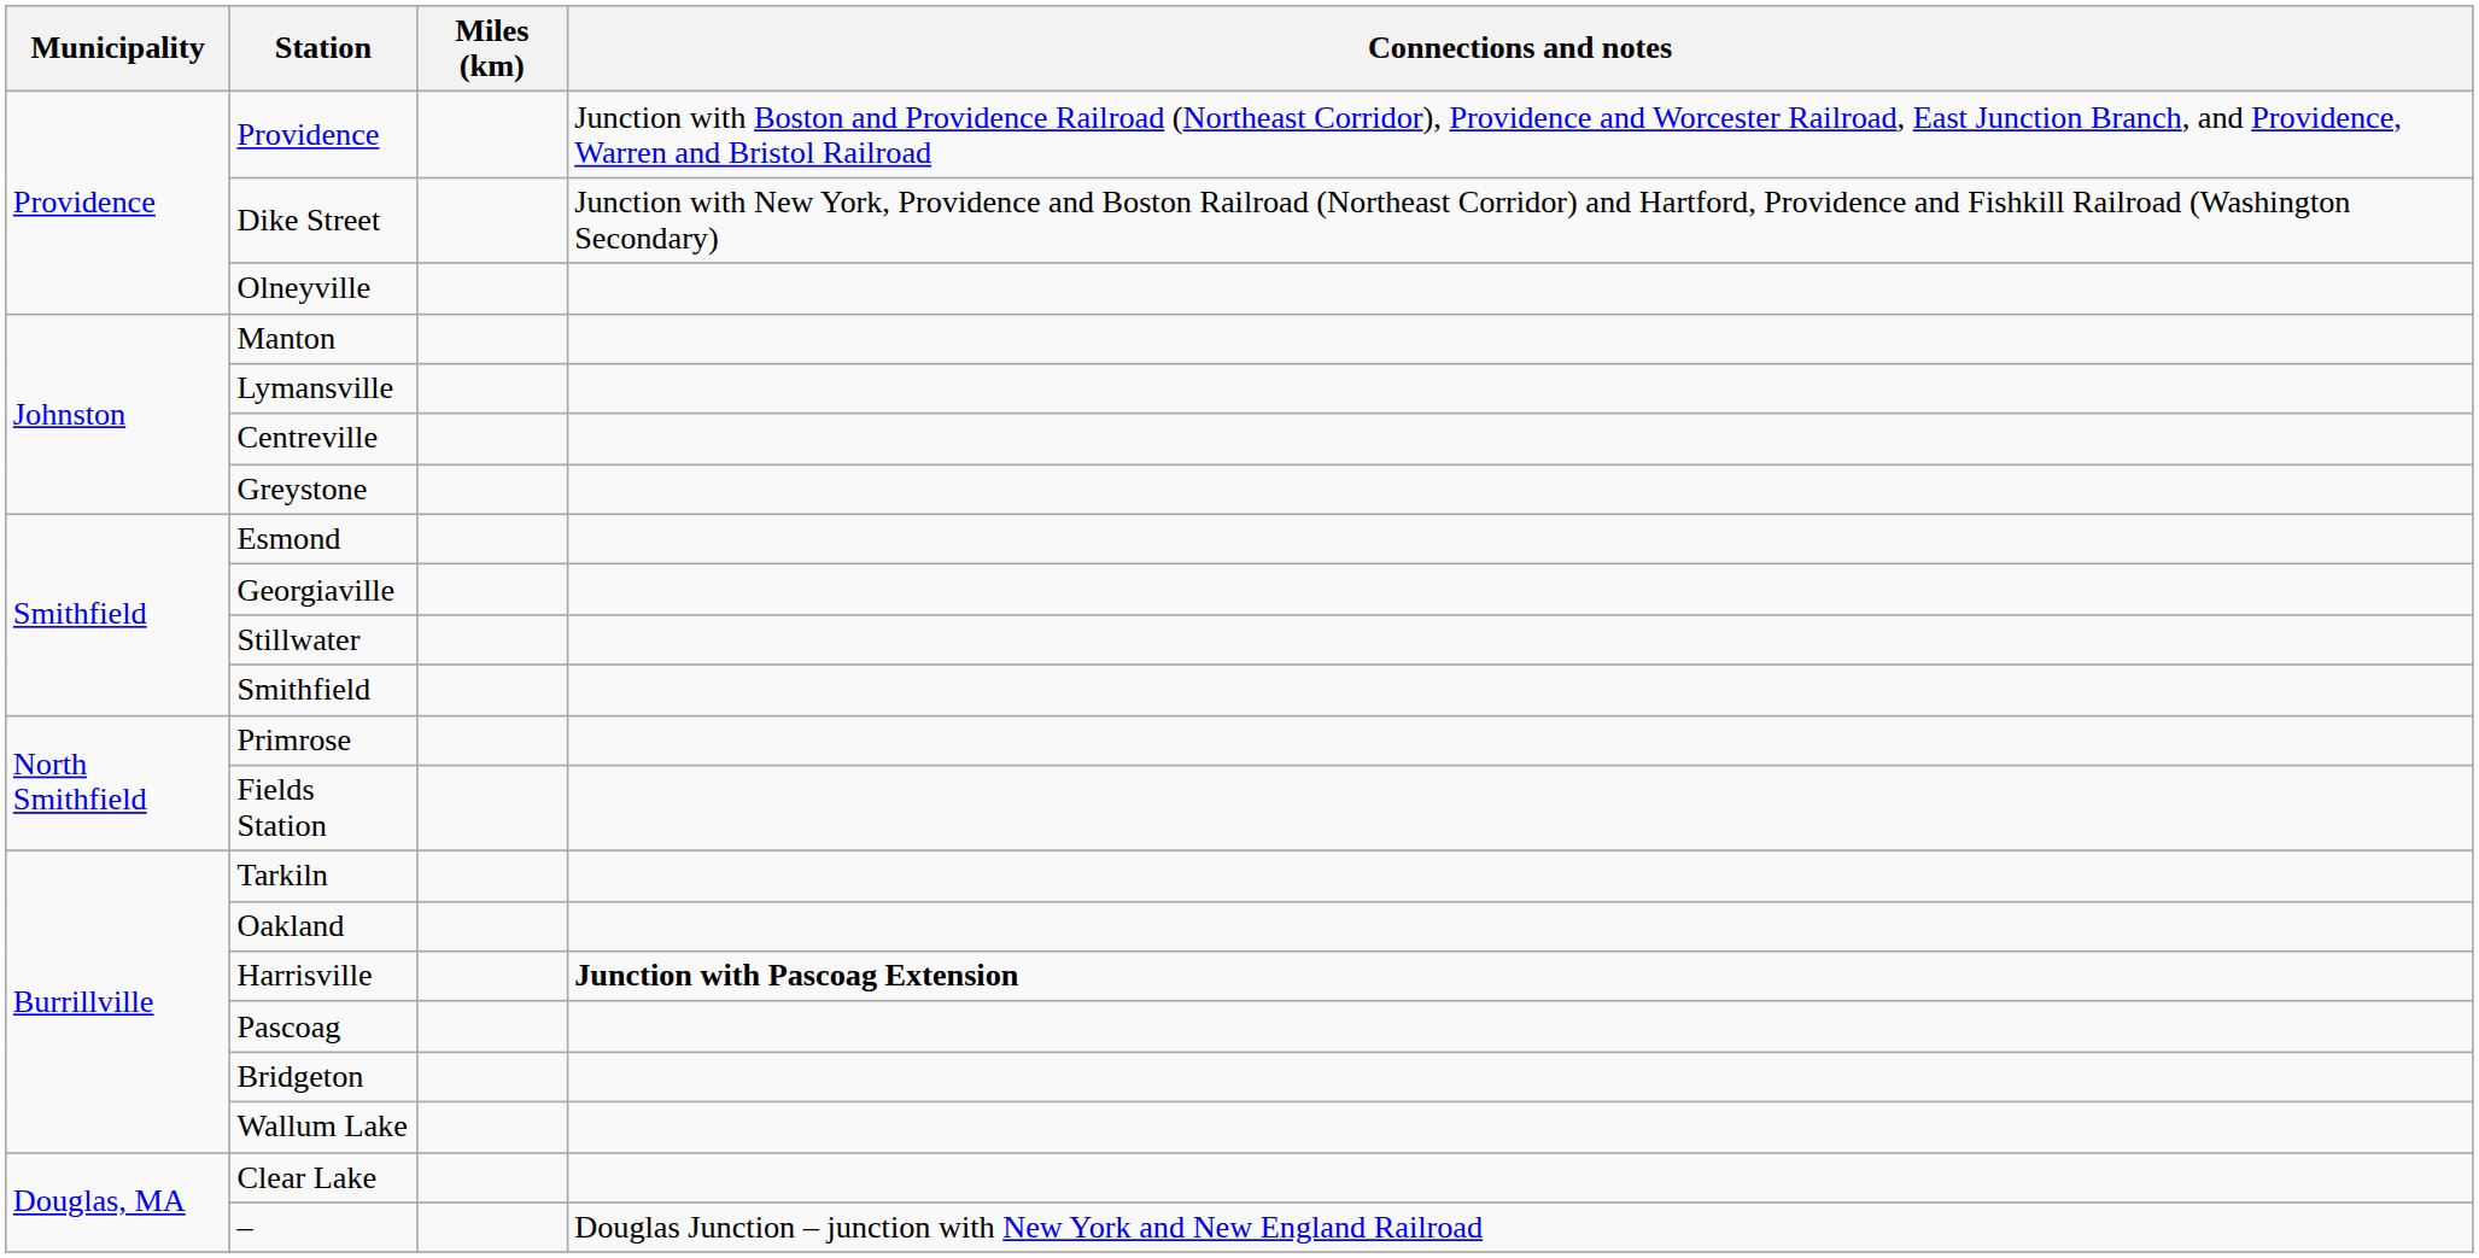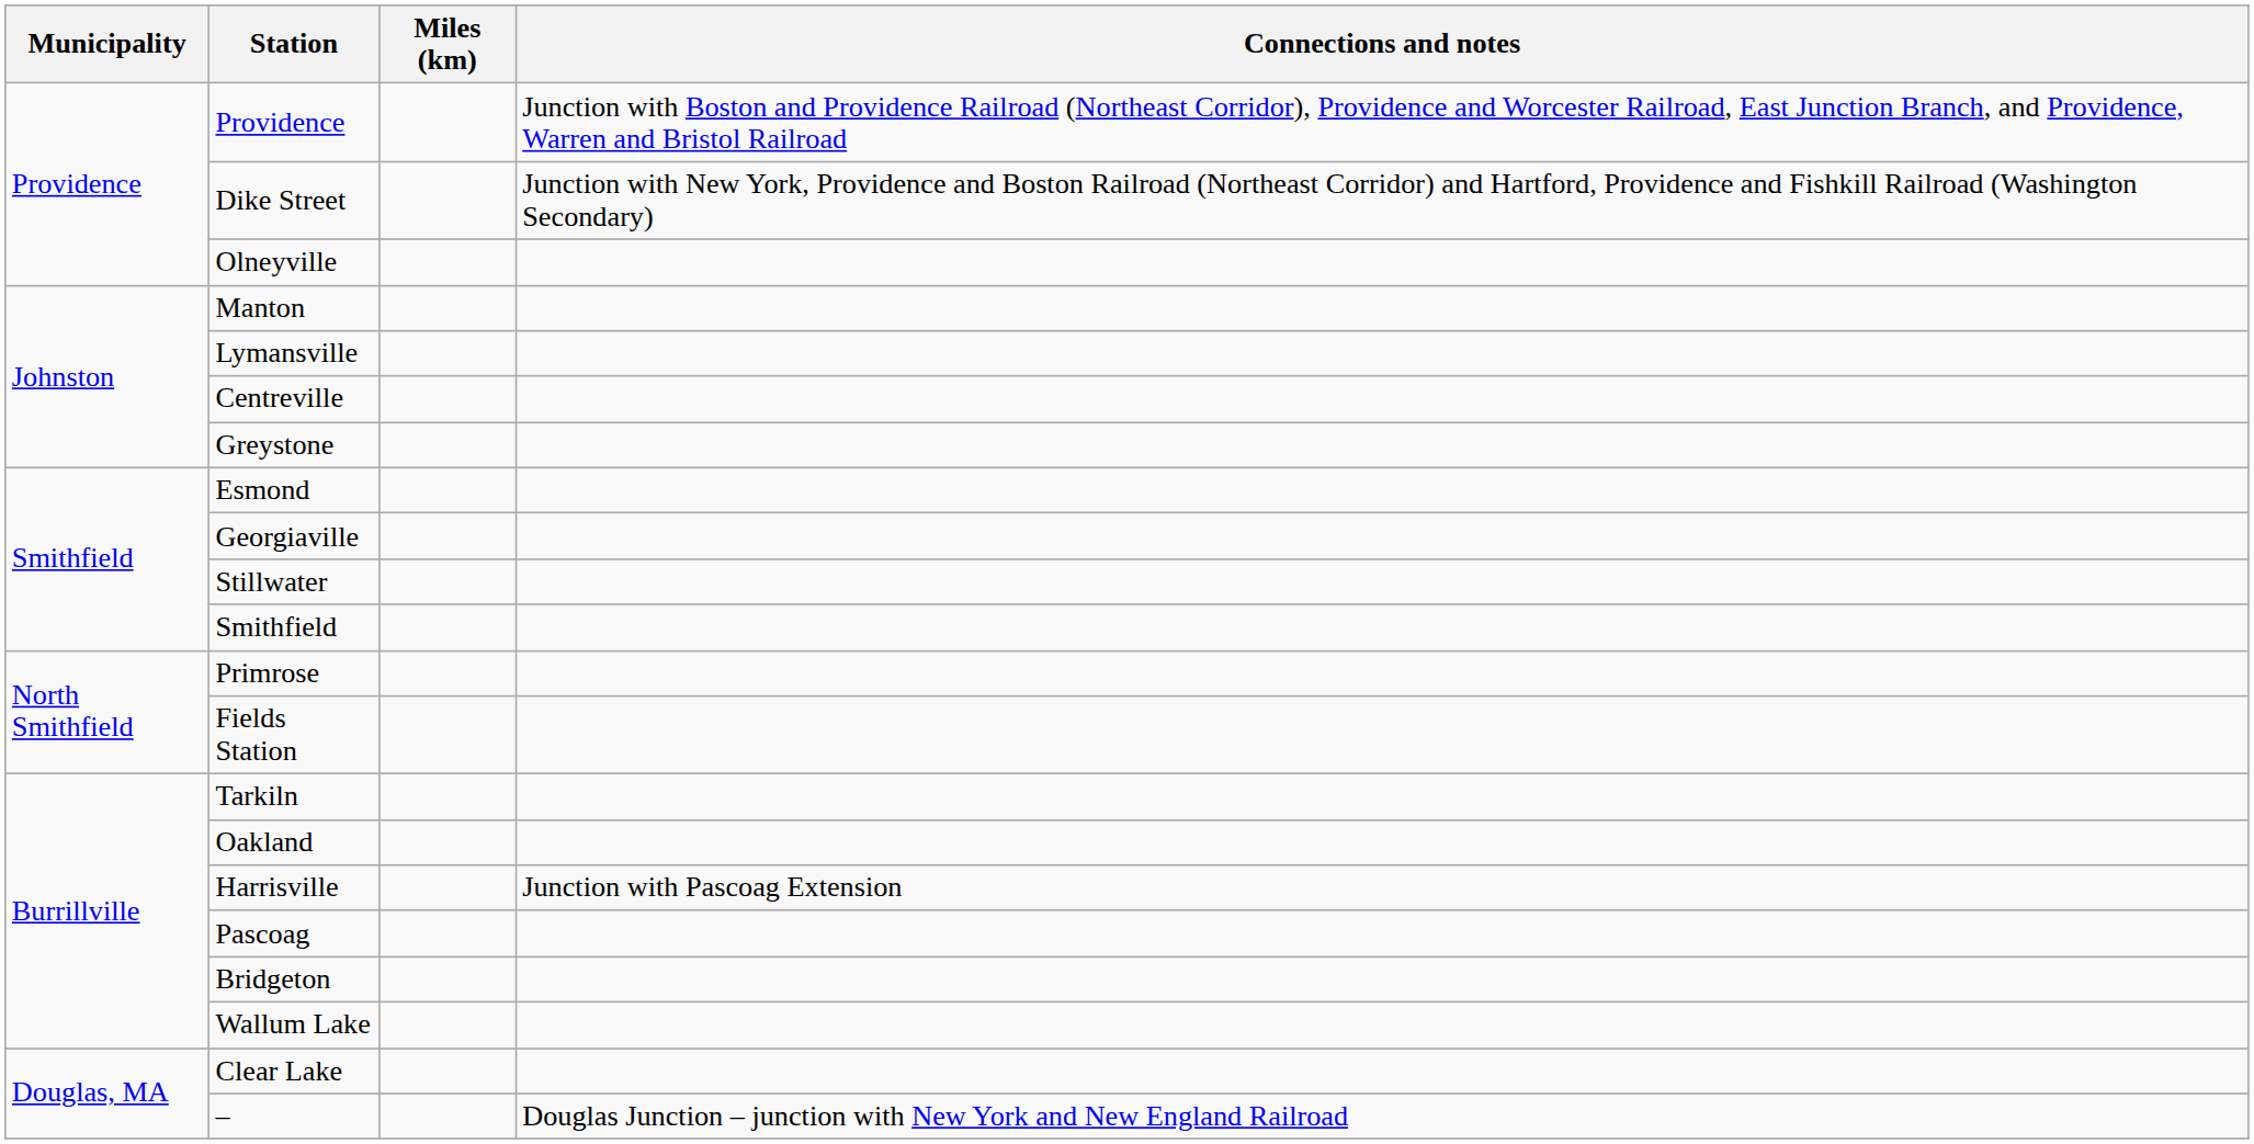 <table class="wikitable">
 <tr>
 <th>Municipality</th>
 <th>Station</th>
 <th>Miles (km)</th>
 <th>Connections and notes</th>
 </tr>
 <tr>
 <td rowspan="3"><a href='#'>Providence</a></td>
 <td><a href='#'>Providence</a></td>
 <td></td>
 <td>Junction with <a href='#'>Boston and Providence Railroad</a> (<a href='#'>Northeast Corridor</a>), <a href='#'>Providence and Worcester Railroad</a>, <a href='#'>East Junction Branch</a>, and <a href='#'>Providence, Warren and Bristol Railroad</a></td>
 </tr>
 <tr>
 <td>Dike Street</td>
 <td></td>
 <td>Junction with New York, Providence and Boston Railroad (Northeast Corridor) and Hartford, Providence and Fishkill Railroad (Washington Secondary)</td>
 </tr>
 <tr>
 <td>Olneyville</td>
 <td></td>
 <td></td>
 </tr>
 <tr>
 <td rowspan="4"><a href='#'>Johnston</a></td>
 <td>Manton</td>
 <td></td>
 <td></td>
 </tr>
 <tr>
 <td>Lymansville</td>
 <td></td>
 <td></td>
 </tr>
 <tr>
 <td>Centreville</td>
 <td></td>
 <td></td>
 </tr>
 <tr>
 <td>Greystone</td>
 <td></td>
 <td></td>
 </tr>
 <tr>
 <td rowspan="4"><a href='#'>Smithfield</a></td>
 <td>Esmond</td>
 <td></td>
 <td></td>
 </tr>
 <tr>
 <td>Georgiaville</td>
 <td></td>
 <td></td>
 </tr>
 <tr>
 <td>Stillwater</td>
 <td></td>
 <td></td>
 </tr>
 <tr>
 <td>Smithfield</td>
 <td></td>
 <td></td>
 </tr>
 <tr>
 <td rowspan="2"><a href='#'>North Smithfield</a></td>
 <td>Primrose</td>
 <td></td>
 <td></td>
 </tr>
 <tr>
 <td>Fields Station</td>
 <td></td>
 <td></td>
 </tr>
 <tr>
 <td rowspan="6"><a href='#'>Burrillville</a></td>
 <td>Tarkiln</td>
 <td></td>
 <td></td>
 </tr>
 <tr>
 <td>Oakland</td>
 <td></td>
 <td></td>
 </tr>
 <tr>
 <td>Harrisville</td>
 <td></td>
-<td><strong>Junction with Pascoag Extension</strong></td>
+<td>Junction with Pascoag Extension</td>
 </tr>
 <tr>
 <td>Pascoag</td>
 <td></td>
 <td></td>
 </tr>
 <tr>
 <td>Bridgeton</td>
 <td></td>
 <td></td>
 </tr>
 <tr>
 <td>Wallum Lake</td>
 <td></td>
 <td></td>
 </tr>
 <tr>
 <td rowspan="2"><a href='#'>Douglas, MA</a></td>
 <td>Clear Lake</td>
 <td></td>
 <td></td>
 </tr>
 <tr>
 <td>–</td>
 <td></td>
 <td>Douglas Junction – junction with <a href='#'>New York and New England Railroad</a></td>
 </tr>
 </table>
